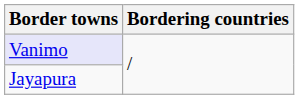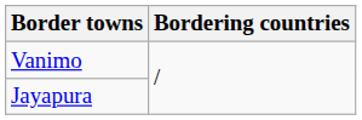 <table class="wikitable sortable">
 <tr>
 <th>Border towns</th>
 <th>Bordering countries</th>
 </tr>
 <tr>
-<td style="background: lavender;"><a href='#'>Vanimo</a></td>
+<td><a href='#'>Vanimo</a></td>
 <td rowspan="2"> /</td>
 </tr>
 <tr>
 <td><a href='#'>Jayapura</a></td>
 </tr>
 </table>
